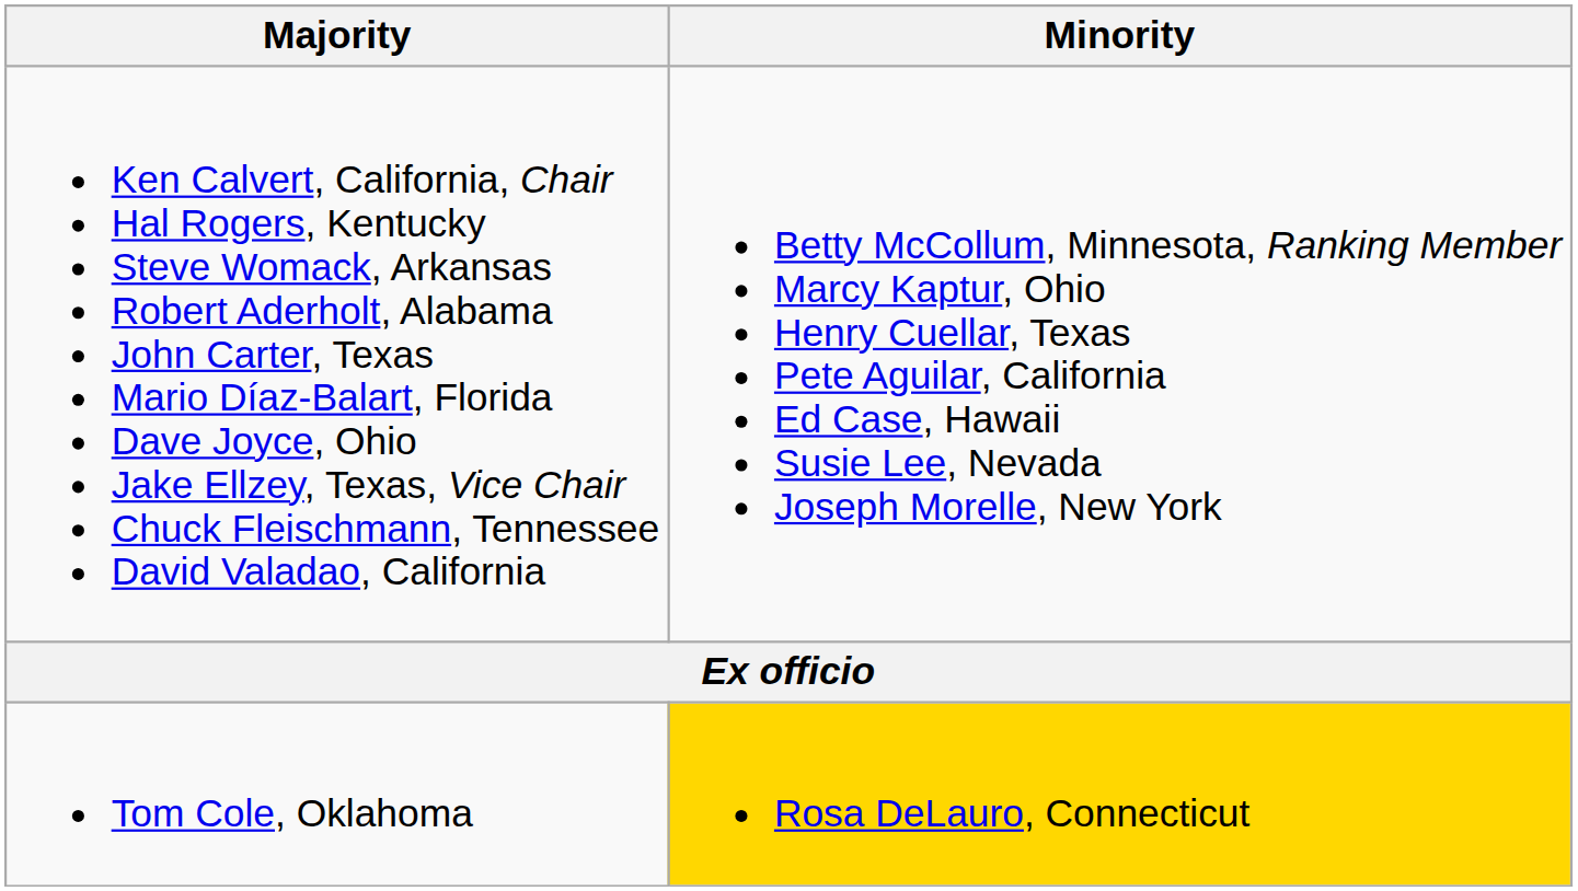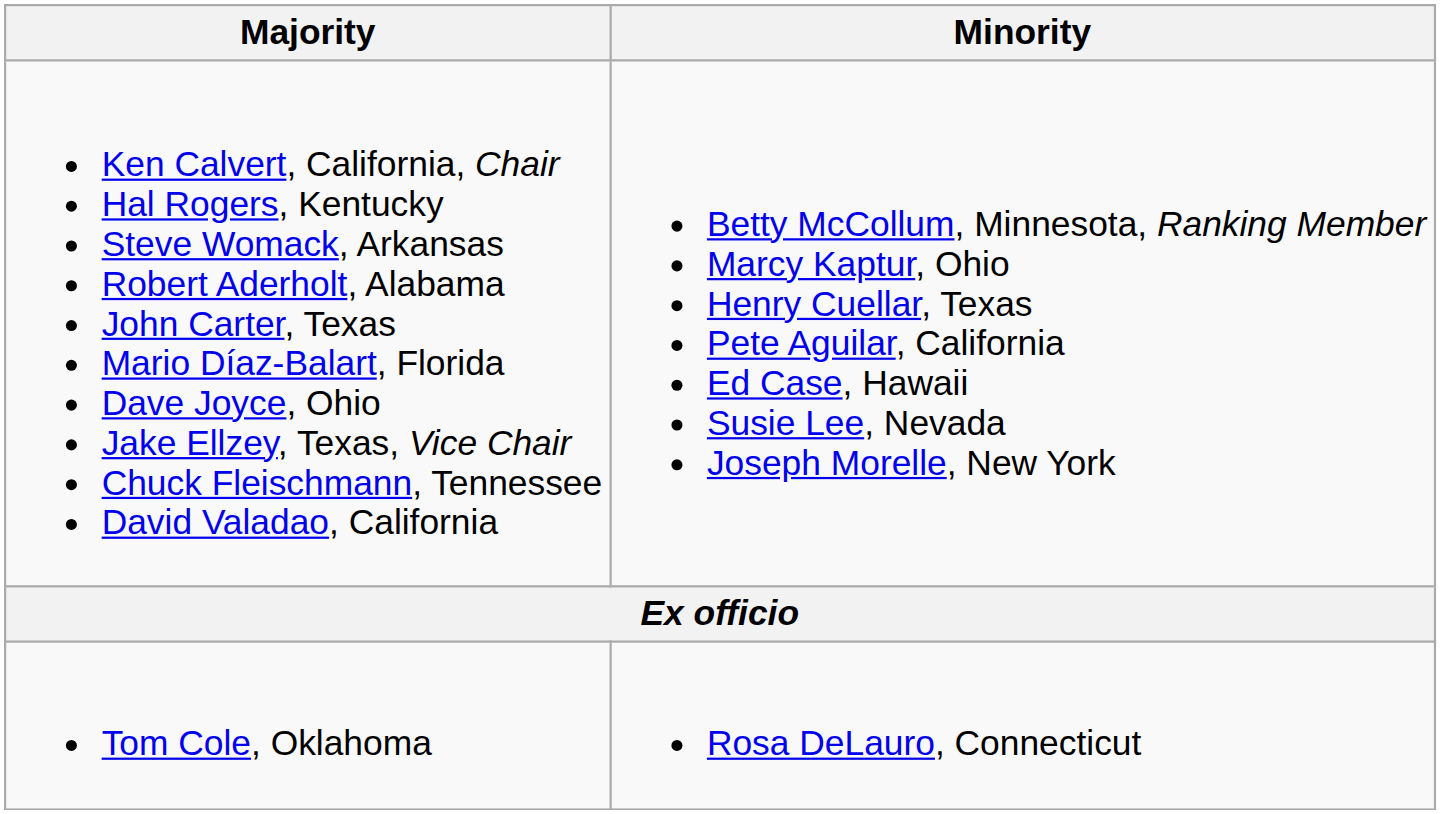 <table class=wikitable>
 <tr>
 <th>Majority</th>
 <th>Minority</th>
 </tr>
 <tr>
 <td><br><ul><li><a href='#'>Ken Calvert</a>, California, <em>Chair</em></li><li><a href='#'>Hal Rogers</a>, Kentucky</li><li><a href='#'>Steve Womack</a>, Arkansas</li><li><a href='#'>Robert Aderholt</a>, Alabama</li><li><a href='#'>John Carter</a>, Texas</li><li><a href='#'>Mario Díaz-Balart</a>, Florida</li><li><a href='#'>Dave Joyce</a>, Ohio</li><li><a href='#'>Jake Ellzey</a>, Texas, <em>Vice Chair</em></li><li><a href='#'>Chuck Fleischmann</a>, Tennessee</li><li><a href='#'>David Valadao</a>, California</li></ul></td>
 <td><br><ul><li><a href='#'>Betty McCollum</a>, Minnesota, <em>Ranking Member</em></li><li><a href='#'>Marcy Kaptur</a>, Ohio</li><li><a href='#'>Henry Cuellar</a>, Texas</li><li><a href='#'>Pete Aguilar</a>, California</li><li><a href='#'>Ed Case</a>, Hawaii</li><li><a href='#'>Susie Lee</a>, Nevada</li><li><a href='#'>Joseph Morelle</a>, New York</li></ul></td>
 </tr>
 <tr>
 <th colspan=2><em>Ex officio</em></th>
 </tr>
 <tr>
 <td><br><ul><li><a href='#'>Tom Cole</a>, Oklahoma</li></ul></td>
-<td style="background: gold;"><br><ul><li><a href='#'>Rosa DeLauro</a>, Connecticut</li></ul></td>
+<td><br><ul><li><a href='#'>Rosa DeLauro</a>, Connecticut</li></ul></td>
 </tr>
 </table>
